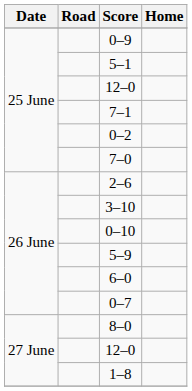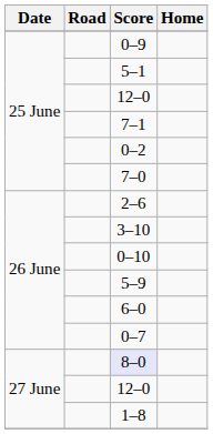 <table class="wikitable">
 <tr>
 <th>Date</th>
 <th>Road</th>
 <th>Score</th>
 <th>Home</th>
 </tr>
 <tr>
 </tr>
 <tr>
 <td rowspan=6>25 June</td>
 <td align=right></td>
 <td align=center>0–9</td>
 <td><strong></strong></td>
 </tr>
 <tr>
 <td align=right><strong></strong></td>
 <td align=center>5–1</td>
 <td></td>
 </tr>
 <tr>
 <td align=right><strong></strong></td>
 <td align=center>12–0</td>
 <td></td>
 </tr>
 <tr>
 <td align=right><strong></strong></td>
 <td align=center>7–1</td>
 <td></td>
 </tr>
 <tr>
 <td align=right></td>
 <td align=center>0–2</td>
 <td><strong></strong></td>
 </tr>
 <tr>
 <td align=right><strong></strong></td>
 <td align=center>7–0</td>
 <td></td>
 </tr>
 <tr>
 <td rowspan=6>26 June</td>
 <td align=right></td>
 <td align=center>2–6</td>
 <td><strong></strong></td>
 </tr>
 <tr>
 <td align=right></td>
 <td align=center>3–10</td>
 <td><strong></strong></td>
 </tr>
 <tr>
 <td align=right></td>
 <td align=center>0–10</td>
 <td><strong></strong></td>
 </tr>
 <tr>
 <td align=right></td>
 <td align=center>5–9</td>
 <td><strong></strong></td>
 </tr>
 <tr>
 <td align=right><strong></strong></td>
 <td align=center>6–0</td>
 <td></td>
 </tr>
 <tr>
 <td align=right></td>
 <td align=center>0–7</td>
 <td><strong></strong></td>
 </tr>
 <tr>
 <td rowspan=3>27 June</td>
 <td align=right><strong></strong></td>
-<td align=center>8–0</td>
+<td align=center style="background: lavender;">8–0</td>
 <td></td>
 </tr>
 <tr>
 <td align=right><strong></strong></td>
 <td align=center>12–0</td>
 <td></td>
 </tr>
 <tr>
 <td align=right></td>
 <td align=center>1–8</td>
 <td><strong></strong></td>
 </tr>
 <tr>
 </tr>
 </table>
